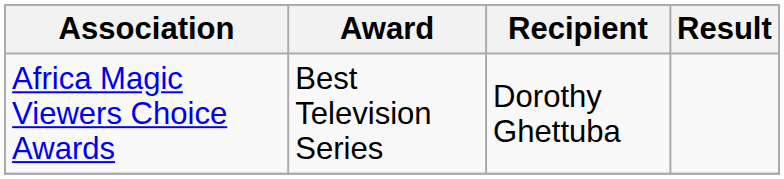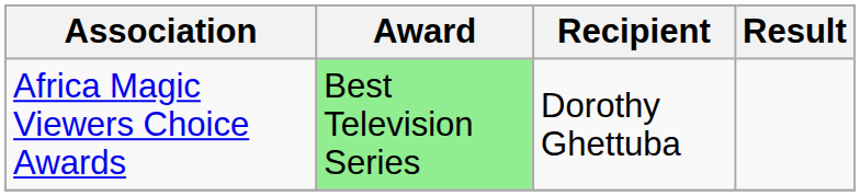 <table class="wikitable plainrowerheads" width=400px>
 <tr>
 <th>Association</th>
 <th>Award</th>
 <th>Recipient</th>
 <th>Result</th>
 </tr>
 <tr>
 <td><a href='#'>Africa Magic Viewers Choice Awards</a></td>
-<td>Best Television Series</td>
+<td style="background: lightgreen;">Best Television Series</td>
 <td>Dorothy Ghettuba</td>
 <td></td>
 </tr>
 <tr>
 </tr>
 </table>
